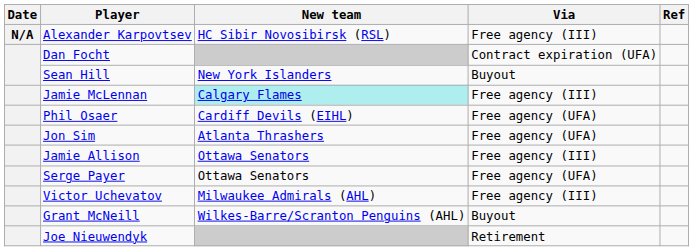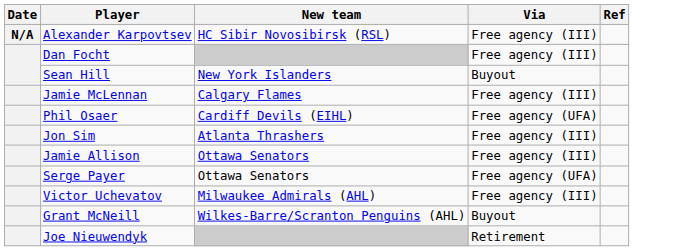 <table class="wikitable plainrowheaders">
 <tr style="background:#ddd; text-align:center;">
 <th>Date</th>
 <th>Player</th>
 <th>New team</th>
 <th>Via</th>
 <th>Ref</th>
 </tr>
 <tr>
 <th scope="row">N/A</th>
 <td><a href='#'>Alexander Karpovtsev</a></td>
 <td><a href='#'>HC Sibir Novosibirsk</a> (<a href='#'>RSL</a>)</td>
 <td>Free agency (III)</td>
 <td></td>
 </tr>
 <tr>
 <th scope="row" rowspan=2></th>
 <td><a href='#'>Dan Focht</a></td>
 <td style="background:#ccc"></td>
-<td>Contract expiration (UFA)</td>
+<td>Free agency (III)</td>
 <td></td>
 </tr>
 <tr>
 <td><a href='#'>Sean Hill</a></td>
 <td><a href='#'>New York Islanders</a></td>
 <td>Buyout</td>
 <td></td>
 </tr>
 <tr>
 <th scope="row"></th>
 <td><a href='#'>Jamie McLennan</a></td>
-<td style="background: paleturquoise;"><a href='#'>Calgary Flames</a></td>
+<td><a href='#'>Calgary Flames</a></td>
 <td>Free agency (III)</td>
 <td></td>
 </tr>
 <tr>
 <th scope="row"></th>
 <td><a href='#'>Phil Osaer</a></td>
 <td><a href='#'>Cardiff Devils</a> (<a href='#'>EIHL</a>)</td>
 <td>Free agency (UFA)</td>
 <td></td>
 </tr>
 <tr>
 <th scope="row"></th>
 <td><a href='#'>Jon Sim</a></td>
 <td><a href='#'>Atlanta Thrashers</a></td>
-<td>Free agency (UFA)</td>
+<td>Free agency (III)</td>
 <td></td>
 </tr>
 <tr>
 <th scope="row"></th>
 <td><a href='#'>Jamie Allison</a></td>
 <td><a href='#'>Ottawa Senators</a></td>
 <td>Free agency (III)</td>
 <td></td>
 </tr>
 <tr>
 <th scope="row"></th>
 <td><a href='#'>Serge Payer</a></td>
 <td>Ottawa Senators</td>
 <td>Free agency (UFA)</td>
 <td></td>
 </tr>
 <tr>
 <th scope="row"></th>
 <td><a href='#'>Victor Uchevatov</a></td>
 <td><a href='#'>Milwaukee Admirals</a> (<a href='#'>AHL</a>)</td>
 <td>Free agency (III)</td>
 <td></td>
 </tr>
 <tr>
 <th scope="row"></th>
 <td><a href='#'>Grant McNeill</a></td>
 <td><a href='#'>Wilkes-Barre/Scranton Penguins</a> (AHL)</td>
 <td>Buyout</td>
 <td></td>
 </tr>
 <tr>
 <th scope="row"></th>
 <td><a href='#'>Joe Nieuwendyk</a></td>
 <td style="background:#ccc"></td>
 <td>Retirement</td>
 <td></td>
 </tr>
 </table>
